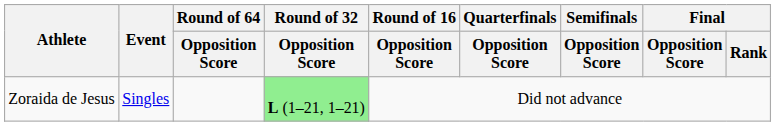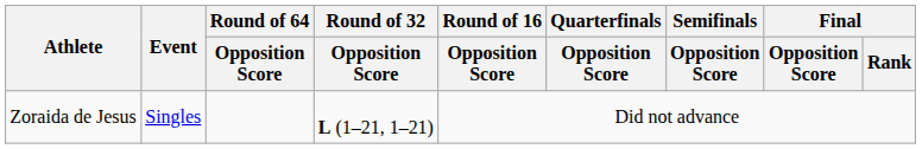 <table class=wikitable style="text-align:center; font-size:90%">
 <tr>
 <th rowspan="2">Athlete</th>
 <th rowspan="2">Event</th>
 <th>Round of 64</th>
 <th>Round of 32</th>
 <th>Round of 16</th>
 <th>Quarterfinals</th>
 <th>Semifinals</th>
 <th colspan="2">Final</th>
 </tr>
 <tr>
 <th>Opposition<br>Score</th>
 <th>Opposition<br>Score</th>
 <th>Opposition<br>Score</th>
 <th>Opposition<br>Score</th>
 <th>Opposition<br>Score</th>
 <th>Opposition<br>Score</th>
 <th>Rank</th>
 </tr>
 <tr>
 <td align="left">Zoraida de Jesus</td>
 <td rowspan="2"><a href='#'>Singles</a></td>
 <td></td>
-<td style="background: lightgreen;"><br><strong>L</strong> (1–21, 1–21)</td>
+<td><br><strong>L</strong> (1–21, 1–21)</td>
 <td colspan="5">Did not advance</td>
 </tr>
 </table>
